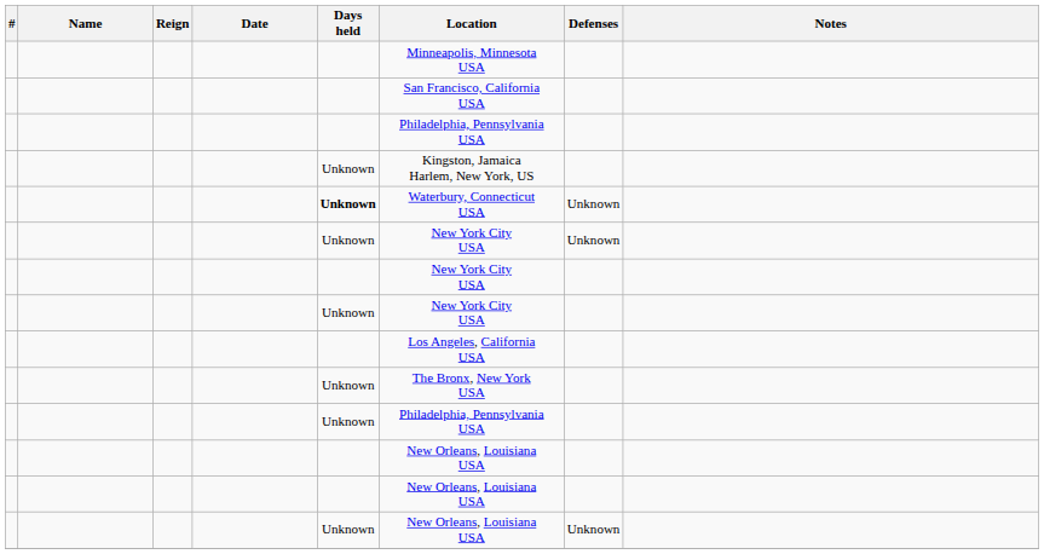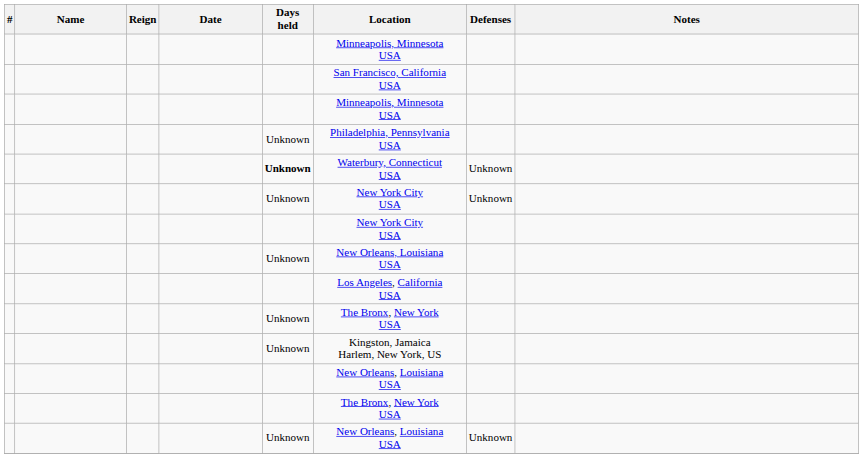 <table class="wikitable sortable" width=98% style="text-align:center;">
 <tr>
 <th width=0%>#</th>
 <th width=14%>Name</th>
 <th width=0%>Reign</th>
 <th width=13%>Date</th>
 <th width=5%>Days<br>held</th>
 <th width=19%>Location</th>
 <th width=5%>Defenses</th>
 <th width=44% class="unsortable">Notes</th>
 </tr>
 <tr>
 <td></td>
 <td></td>
 <td></td>
 <td></td>
 <td></td>
 <td><a href='#'>Minneapolis, Minnesota</a><br><a href='#'>USA</a></td>
 <td></td>
 <td align=left></td>
 </tr>
 <tr>
 <td></td>
 <td></td>
 <td></td>
 <td></td>
 <td></td>
 <td><a href='#'>San Francisco, California</a><br><a href='#'>USA</a></td>
 <td></td>
 <td align=left></td>
 </tr>
 <tr>
 <td></td>
 <td></td>
 <td></td>
 <td></td>
 <td></td>
-<td><a href='#'>Philadelphia, Pennsylvania</a><br><a href='#'>USA</a></td>
+<td><a href='#'>Minneapolis, Minnesota</a><br><a href='#'>USA</a></td>
 <td></td>
 <td align=left></td>
 </tr>
 <tr>
 <td></td>
 <td></td>
 <td></td>
 <td></td>
 <td>Unknown</td>
-<td>Kingston, Jamaica<br>Harlem, New York, US</td>
+<td><a href='#'>Philadelphia, Pennsylvania</a><br><a href='#'>USA</a></td>
 <td></td>
 <td align=left></td>
 </tr>
 <tr>
 <td></td>
 <td></td>
 <td></td>
 <td></td>
 <td><strong>Unknown</strong></td>
 <td><a href='#'>Waterbury, Connecticut</a><br><a href='#'>USA</a></td>
 <td>Unknown</td>
 <td align=left></td>
 </tr>
 <tr>
 <td></td>
 <td></td>
 <td></td>
 <td></td>
 <td>Unknown</td>
 <td><a href='#'>New York City</a><br><a href='#'>USA</a></td>
 <td>Unknown</td>
 <td align=left></td>
 </tr>
 <tr>
 <td></td>
 <td></td>
 <td></td>
 <td></td>
 <td></td>
 <td><a href='#'>New York City</a><br><a href='#'>USA</a></td>
 <td></td>
 <td align=left></td>
 </tr>
 <tr>
 <td></td>
 <td></td>
 <td></td>
 <td></td>
 <td>Unknown</td>
-<td><a href='#'>New York City</a><br><a href='#'>USA</a></td>
+<td><a href='#'>New Orleans, Louisiana</a><br><a href='#'>USA</a></td>
 <td></td>
 <td align=left></td>
 </tr>
 <tr>
 <td></td>
 <td></td>
 <td></td>
 <td></td>
 <td></td>
 <td><a href='#'>Los Angeles</a>, <a href='#'>California</a><br><a href='#'>USA</a></td>
 <td></td>
 <td align=left></td>
 </tr>
 <tr>
 <td></td>
 <td></td>
 <td></td>
 <td></td>
 <td>Unknown</td>
 <td><a href='#'>The Bronx</a>, <a href='#'>New York</a><br><a href='#'>USA</a></td>
 <td></td>
 <td align=left></td>
 </tr>
 <tr>
 <td></td>
 <td></td>
 <td></td>
 <td></td>
 <td>Unknown</td>
-<td><a href='#'>Philadelphia, Pennsylvania</a><br><a href='#'>USA</a></td>
+<td>Kingston, Jamaica<br>Harlem, New York, US</td>
 <td></td>
 <td align=left></td>
 </tr>
 <tr>
 <td></td>
 <td></td>
 <td></td>
 <td></td>
 <td></td>
 <td><a href='#'>New Orleans</a>, <a href='#'>Louisiana</a><br><a href='#'>USA</a></td>
 <td></td>
 <td align=left></td>
 </tr>
 <tr>
 <td></td>
 <td></td>
 <td></td>
 <td></td>
 <td></td>
-<td><a href='#'>New Orleans</a>, <a href='#'>Louisiana</a><br><a href='#'>USA</a></td>
+<td><a href='#'>The Bronx</a>, <a href='#'>New York</a><br><a href='#'>USA</a></td>
 <td></td>
 <td align=left></td>
 </tr>
 <tr>
 <td></td>
 <td></td>
 <td></td>
 <td></td>
 <td>Unknown</td>
 <td><a href='#'>New Orleans</a>, <a href='#'>Louisiana</a><br><a href='#'>USA</a></td>
 <td>Unknown</td>
 <td align=left></td>
 </tr>
 <tr>
 </tr>
 </table>
